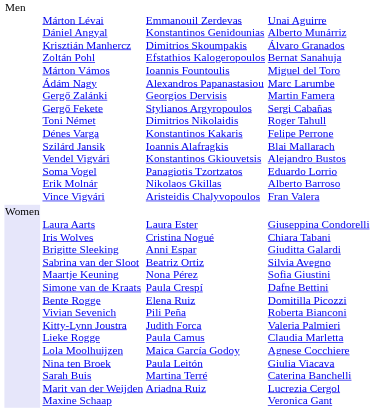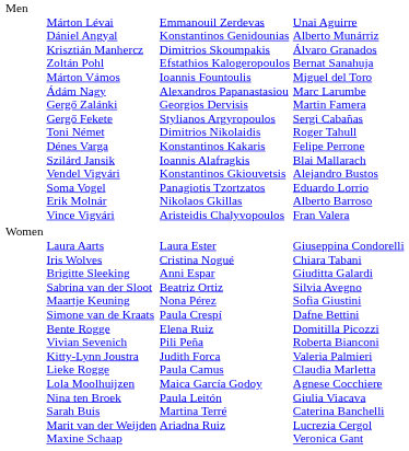 <table>
 <tr valign="top">
 <td>Men<br></td>
 <td><br><a href='#'>Márton Lévai</a><br><a href='#'>Dániel Angyal</a><br><a href='#'>Krisztián Manhercz</a><br><a href='#'>Zoltán Pohl</a><br><a href='#'>Márton Vámos</a><br><a href='#'>Ádám Nagy</a><br><a href='#'>Gergő Zalánki</a><br><a href='#'>Gergő Fekete</a><br><a href='#'>Toni Német</a><br><a href='#'>Dénes Varga</a><br><a href='#'>Szilárd Jansik</a><br><a href='#'>Vendel Vigvári</a><br><a href='#'>Soma Vogel</a><br><a href='#'>Erik Molnár</a><br><a href='#'>Vince Vigvári</a></td>
 <td><br><a href='#'>Emmanouil Zerdevas</a><br><a href='#'>Konstantinos Genidounias</a><br><a href='#'>Dimitrios Skoumpakis</a><br><a href='#'>Efstathios Kalogeropoulos</a><br><a href='#'>Ioannis Fountoulis</a><br><a href='#'>Alexandros Papanastasiou</a><br><a href='#'>Georgios Dervisis</a><br><a href='#'>Stylianos Argyropoulos</a><br><a href='#'>Dimitrios Nikolaidis</a><br><a href='#'>Konstantinos Kakaris</a><br><a href='#'>Ioannis Alafragkis</a><br><a href='#'>Konstantinos Gkiouvetsis</a><br><a href='#'>Panagiotis Tzortzatos</a><br><a href='#'>Nikolaos Gkillas</a><br><a href='#'>Aristeidis Chalyvopoulos</a></td>
 <td><br><a href='#'>Unai Aguirre</a><br><a href='#'>Alberto Munárriz</a><br><a href='#'>Álvaro Granados</a><br><a href='#'>Bernat Sanahuja</a><br><a href='#'>Miguel del Toro</a><br><a href='#'>Marc Larumbe</a><br><a href='#'>Martin Famera</a><br><a href='#'>Sergi Cabañas</a><br><a href='#'>Roger Tahull</a><br><a href='#'>Felipe Perrone</a><br><a href='#'>Blai Mallarach</a><br><a href='#'>Alejandro Bustos</a><br><a href='#'>Eduardo Lorrio</a><br><a href='#'>Alberto Barroso</a><br><a href='#'>Fran Valera</a></td>
 </tr>
 <tr valign="top">
-<td style="background: lavender;">Women<br></td>
+<td>Women<br></td>
 <td><br><a href='#'>Laura Aarts</a><br><a href='#'>Iris Wolves</a><br><a href='#'>Brigitte Sleeking</a><br><a href='#'>Sabrina van der Sloot</a><br><a href='#'>Maartje Keuning</a><br><a href='#'>Simone van de Kraats</a><br><a href='#'>Bente Rogge</a><br><a href='#'>Vivian Sevenich</a><br><a href='#'>Kitty-Lynn Joustra</a><br><a href='#'>Lieke Rogge</a><br><a href='#'>Lola Moolhuijzen</a><br><a href='#'>Nina ten Broek</a><br><a href='#'>Sarah Buis</a><br><a href='#'>Marit van der Weijden</a><br><a href='#'>Maxine Schaap</a></td>
 <td><br><a href='#'>Laura Ester</a><br><a href='#'>Cristina Nogué</a><br><a href='#'>Anni Espar</a><br><a href='#'>Beatriz Ortiz</a><br><a href='#'>Nona Pérez</a><br><a href='#'>Paula Crespí</a><br><a href='#'>Elena Ruiz</a><br><a href='#'>Pili Peña</a><br><a href='#'>Judith Forca</a><br><a href='#'>Paula Camus</a><br><a href='#'>Maica García Godoy</a><br><a href='#'>Paula Leitón</a><br><a href='#'>Martina Terré</a><br><a href='#'>Ariadna Ruiz</a></td>
 <td><br><a href='#'>Giuseppina Condorelli</a><br> <a href='#'>Chiara Tabani</a><br> <a href='#'>Giuditta Galardi</a><br><a href='#'>Silvia Avegno</a><br> <a href='#'>Sofia Giustini</a> <br> <a href='#'>Dafne Bettini</a> <br> <a href='#'>Domitilla Picozzi</a> <br> <a href='#'>Roberta Bianconi</a><br> <a href='#'>Valeria Palmieri</a> <br> <a href='#'>Claudia Marletta</a> <br> <a href='#'>Agnese Cocchiere</a> <br> <a href='#'>Giulia Viacava</a> <br> <a href='#'>Caterina Banchelli</a><br><a href='#'>Lucrezia Cergol</a><br><a href='#'>Veronica Gant</a></td>
 </tr>
 </table>
